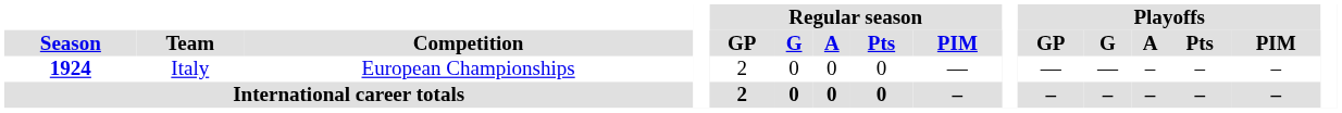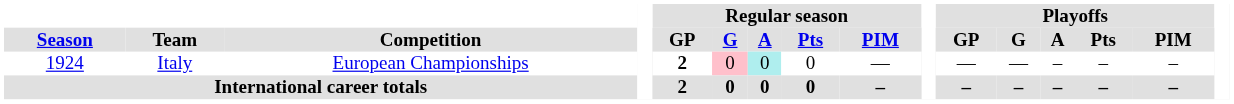 <table BORDER="0" CELLPADDING="1" CELLSPACING="0" width="65%" style="text-align:center">
 <tr bgcolor="#e0e0e0">
 <th colspan="3" bgcolor="#ffffff"> </th>
 <th rowspan="99" bgcolor="#ffffff"> </th>
 <th colspan="5">Regular season</th>
 <th rowspan="99" bgcolor="#ffffff"> </th>
 <th colspan="5">Playoffs</th>
 <th rowspan="99" bgcolor="#ffffff"> </th>
 </tr>
 <tr bgcolor="#e0e0e0">
 <th><a href='#'>Season</a></th>
 <th>Team</th>
 <th>Competition</th>
 <th>GP</th>
 <th><a href='#'>G</a></th>
 <th><a href='#'>A</a></th>
 <th><a href='#'>Pts</a></th>
 <th><a href='#'>PIM</a></th>
 <th>GP</th>
 <th>G</th>
 <th>A</th>
 <th>Pts</th>
 <th>PIM</th>
 </tr>
 <tr ALIGN="center">
-<td><strong><a href='#'>1924</a></strong></td>
+<td><a href='#'>1924</a></td>
 <td><a href='#'>Italy</a></td>
 <td><a href='#'>European Championships</a></td>
-<td>2</td>
-<td>0</td>
-<td>0</td>
+<td><strong>2</strong></td>
+<td style="background: pink;">0</td>
+<td style="background: paleturquoise;">0</td>
 <td>0</td>
 <td>—</td>
 <td>—</td>
 <td>—</td>
 <td>–</td>
 <td>–</td>
 <td>–</td>
 </tr>
 <tr ALIGN="center" bgcolor="#e0e0e0">
 <th colspan="3" align="center">International career totals</th>
 <th>2</th>
 <th>0</th>
 <th>0</th>
 <th>0</th>
 <th>–</th>
 <th>–</th>
 <th>–</th>
 <th>–</th>
 <th>–</th>
 <th>–</th>
 </tr>
 </table>
